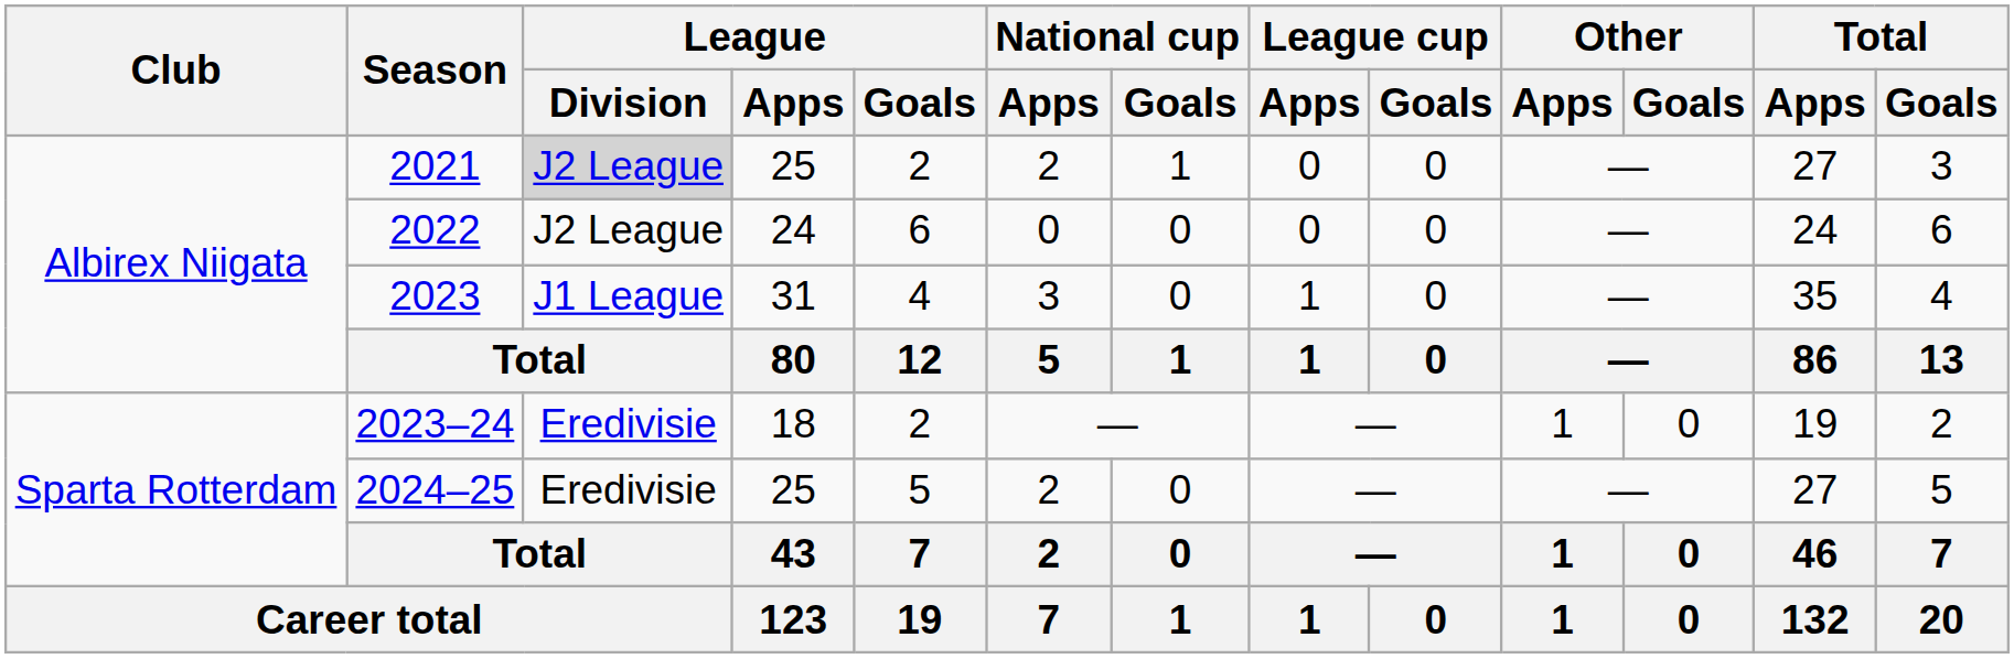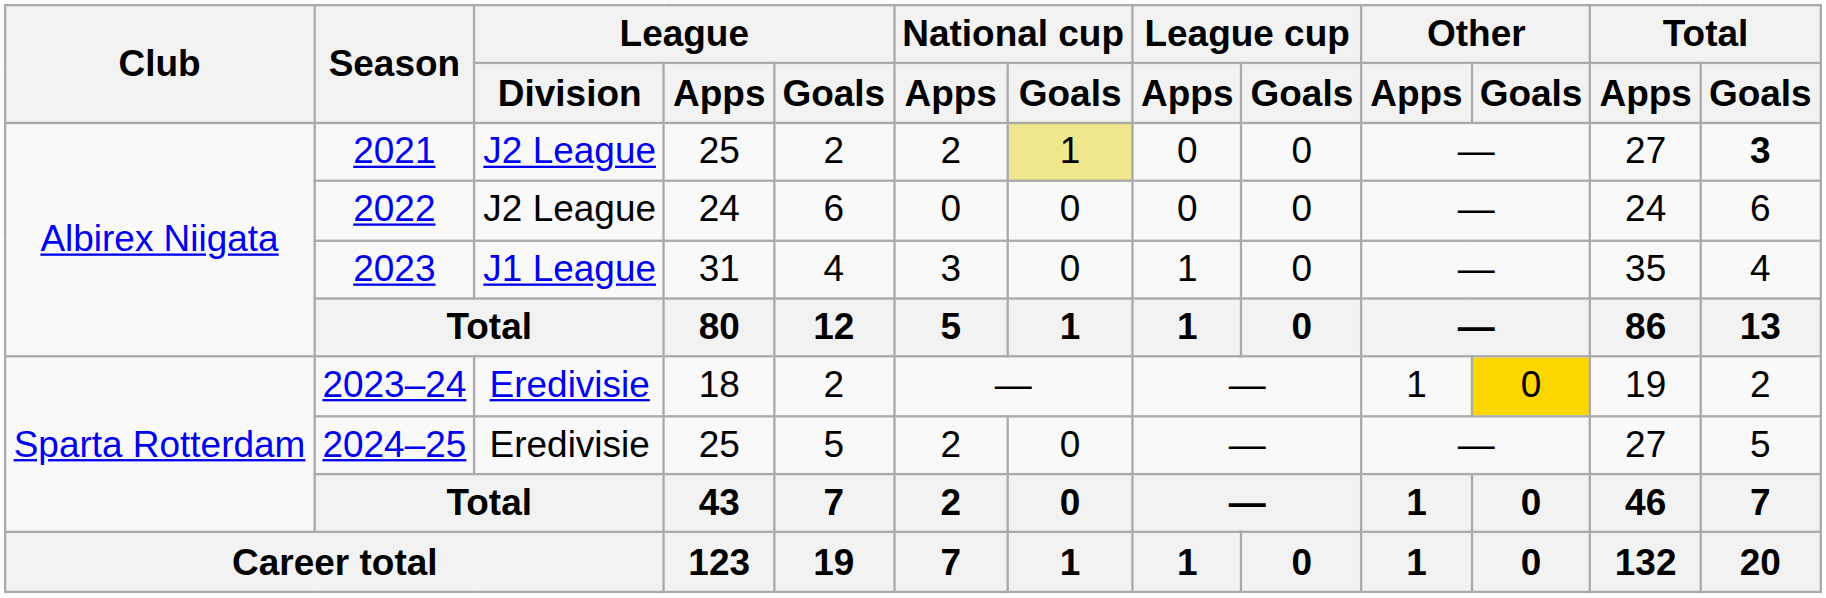 <table class="wikitable" style="text-align:center">
 <tr>
 <th rowspan="2">Club</th>
 <th rowspan="2">Season</th>
 <th colspan="3">League</th>
 <th colspan="2">National cup</th>
 <th colspan="2">League cup</th>
 <th colspan="2">Other</th>
 <th colspan="2">Total</th>
 </tr>
 <tr>
 <th>Division</th>
 <th>Apps</th>
 <th>Goals</th>
 <th>Apps</th>
 <th>Goals</th>
 <th>Apps</th>
 <th>Goals</th>
 <th>Apps</th>
 <th>Goals</th>
 <th>Apps</th>
 <th>Goals</th>
 </tr>
 <tr>
 <td rowspan="4"><a href='#'>Albirex Niigata</a></td>
 <td><a href='#'>2021</a></td>
-<td style="background: lightgrey;"><a href='#'>J2 League</a></td>
+<td><a href='#'>J2 League</a></td>
 <td>25</td>
 <td>2</td>
 <td>2</td>
-<td>1</td>
+<td style="background: khaki;">1</td>
 <td>0</td>
 <td>0</td>
 <td colspan="2">—</td>
 <td>27</td>
-<td>3</td>
+<td><strong>3</strong></td>
 </tr>
 <tr>
 <td><a href='#'>2022</a></td>
 <td>J2 League</td>
 <td>24</td>
 <td>6</td>
 <td>0</td>
 <td>0</td>
 <td>0</td>
 <td>0</td>
 <td colspan="2">—</td>
 <td>24</td>
 <td>6</td>
 </tr>
 <tr>
 <td><a href='#'>2023</a></td>
 <td><a href='#'>J1 League</a></td>
 <td>31</td>
 <td>4</td>
 <td>3</td>
 <td>0</td>
 <td>1</td>
 <td>0</td>
 <td colspan="2">—</td>
 <td>35</td>
 <td>4</td>
 </tr>
 <tr>
 <th colspan="2">Total</th>
 <th>80</th>
 <th>12</th>
 <th>5</th>
 <th>1</th>
 <th>1</th>
 <th>0</th>
 <th colspan="2">—</th>
 <th>86</th>
 <th>13</th>
 </tr>
 <tr>
 <td rowspan="3"><a href='#'>Sparta Rotterdam</a></td>
 <td><a href='#'>2023–24</a></td>
 <td><a href='#'>Eredivisie</a></td>
 <td>18</td>
 <td>2</td>
 <td colspan="2">—</td>
 <td colspan="2">—</td>
 <td>1</td>
-<td>0</td>
+<td style="background: gold;">0</td>
 <td>19</td>
 <td>2</td>
 </tr>
 <tr>
 <td><a href='#'>2024–25</a></td>
 <td>Eredivisie</td>
 <td>25</td>
 <td>5</td>
 <td>2</td>
 <td>0</td>
 <td colspan="2">—</td>
 <td colspan="2">—</td>
 <td>27</td>
 <td>5</td>
 </tr>
 <tr>
 <th colspan="2">Total</th>
 <th>43</th>
 <th>7</th>
 <th>2</th>
 <th>0</th>
 <th colspan="2">—</th>
 <th>1</th>
 <th>0</th>
 <th>46</th>
 <th>7</th>
 </tr>
 <tr>
 <th colspan="3">Career total</th>
 <th>123</th>
 <th>19</th>
 <th>7</th>
 <th>1</th>
 <th>1</th>
 <th>0</th>
 <th>1</th>
 <th>0</th>
 <th>132</th>
 <th>20</th>
 </tr>
 </table>
